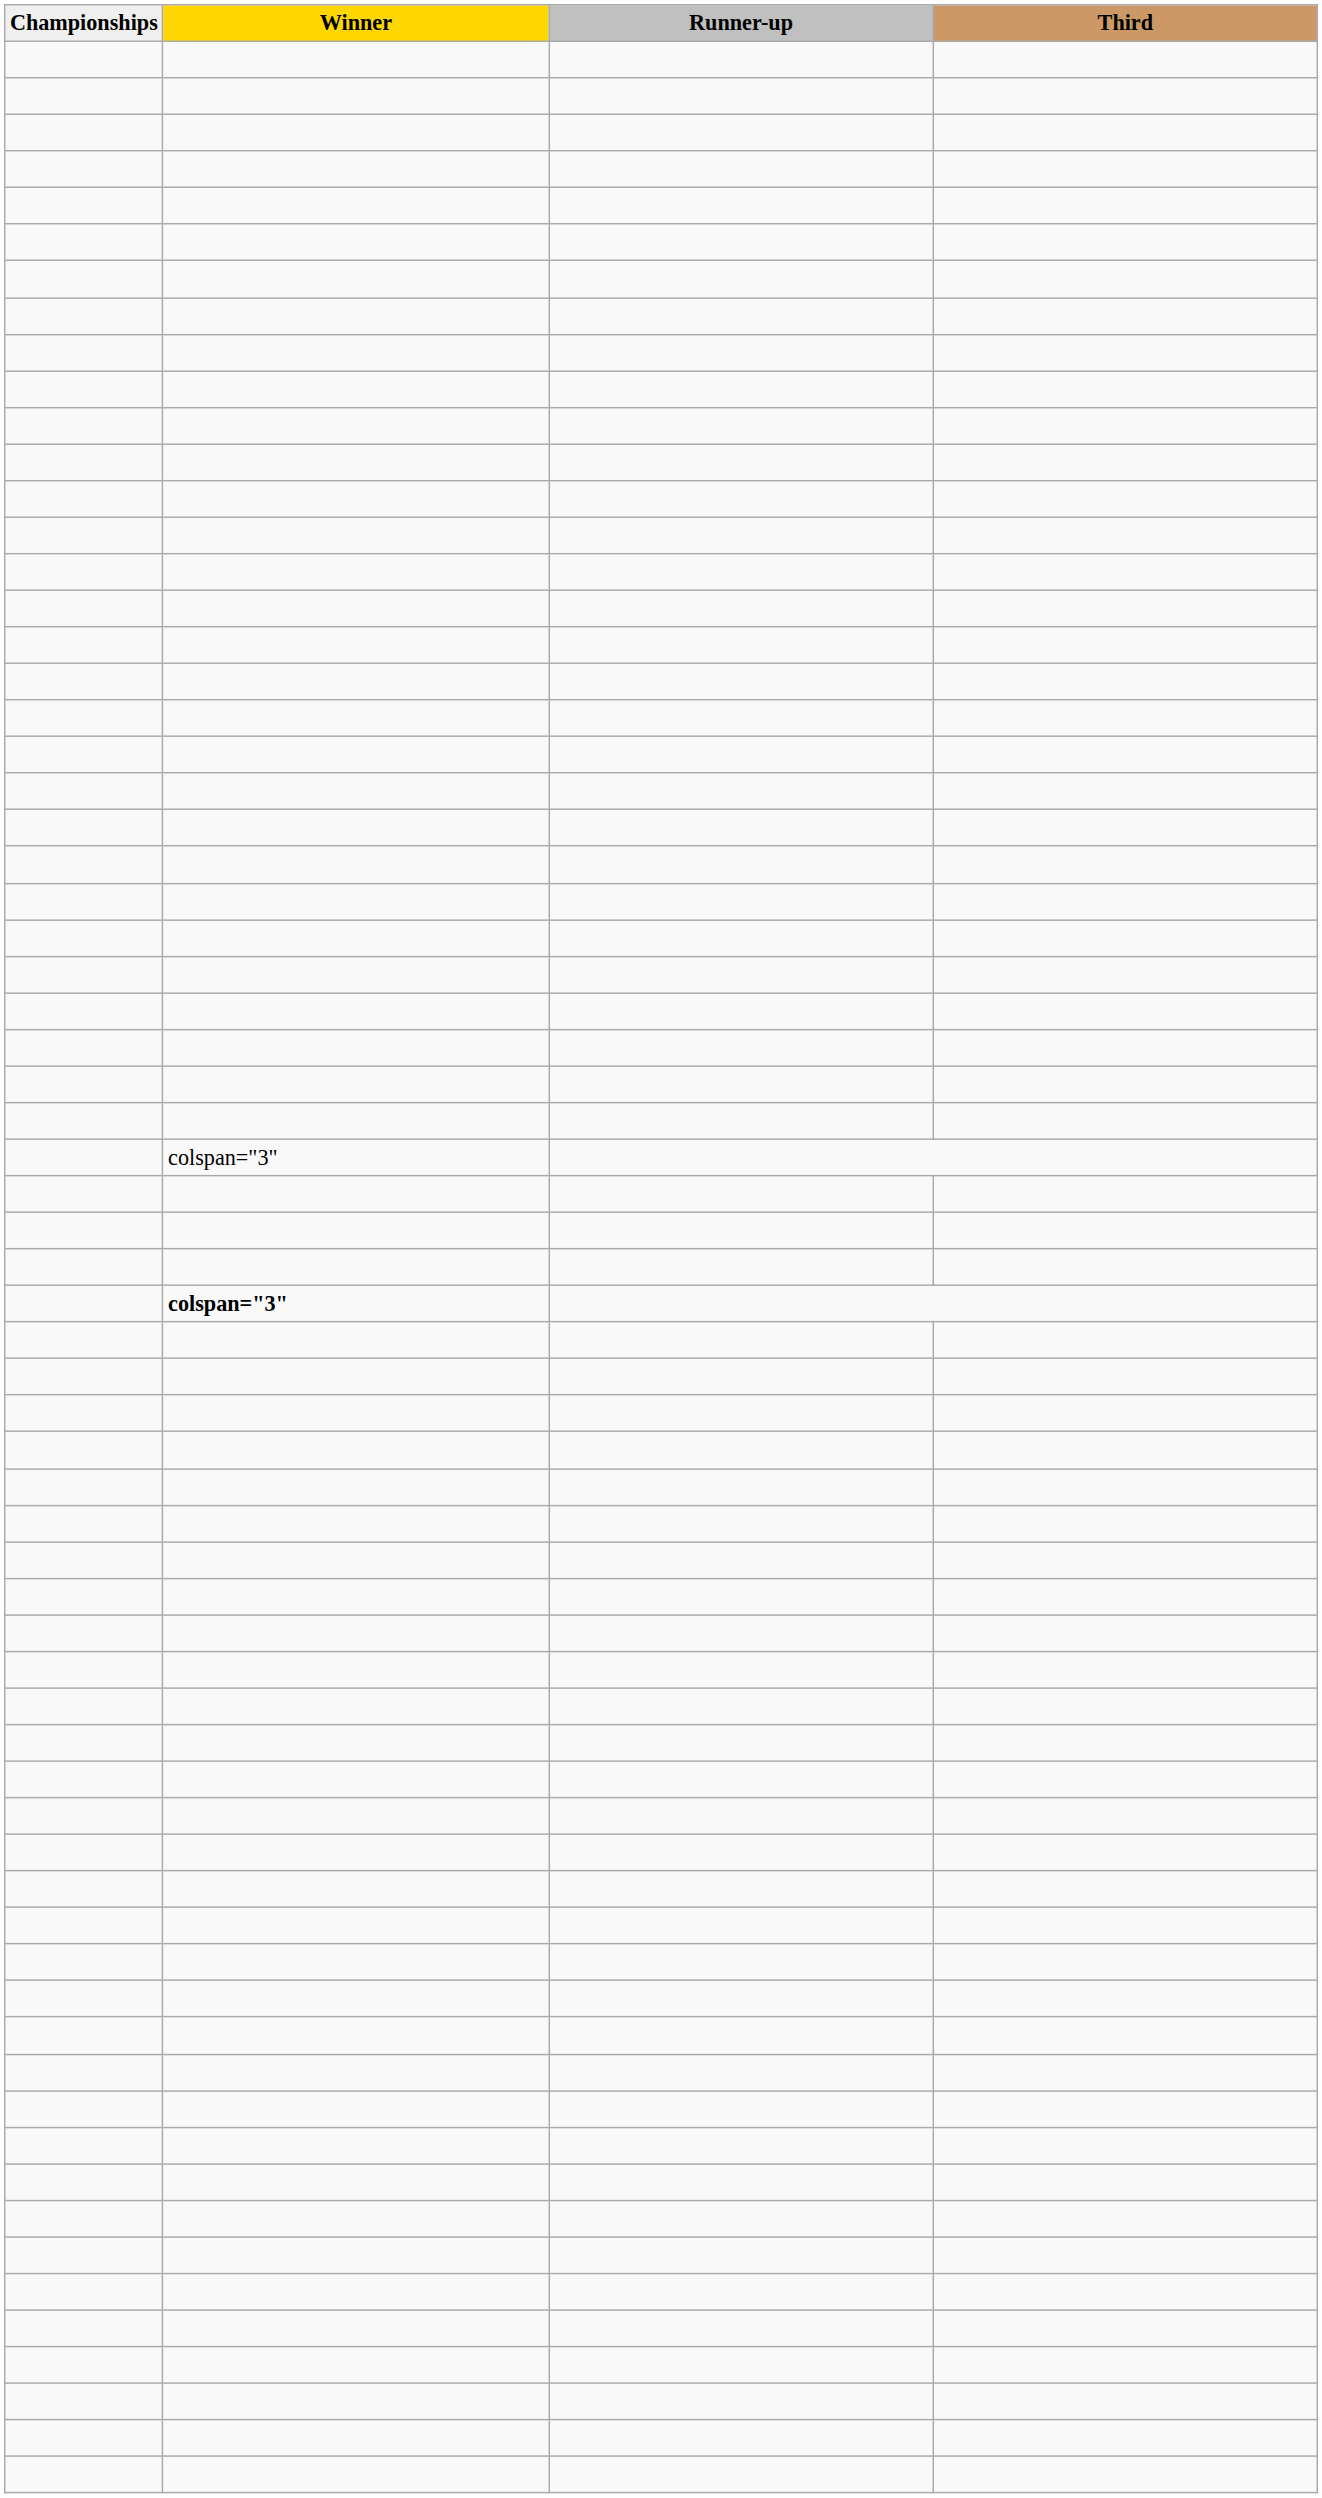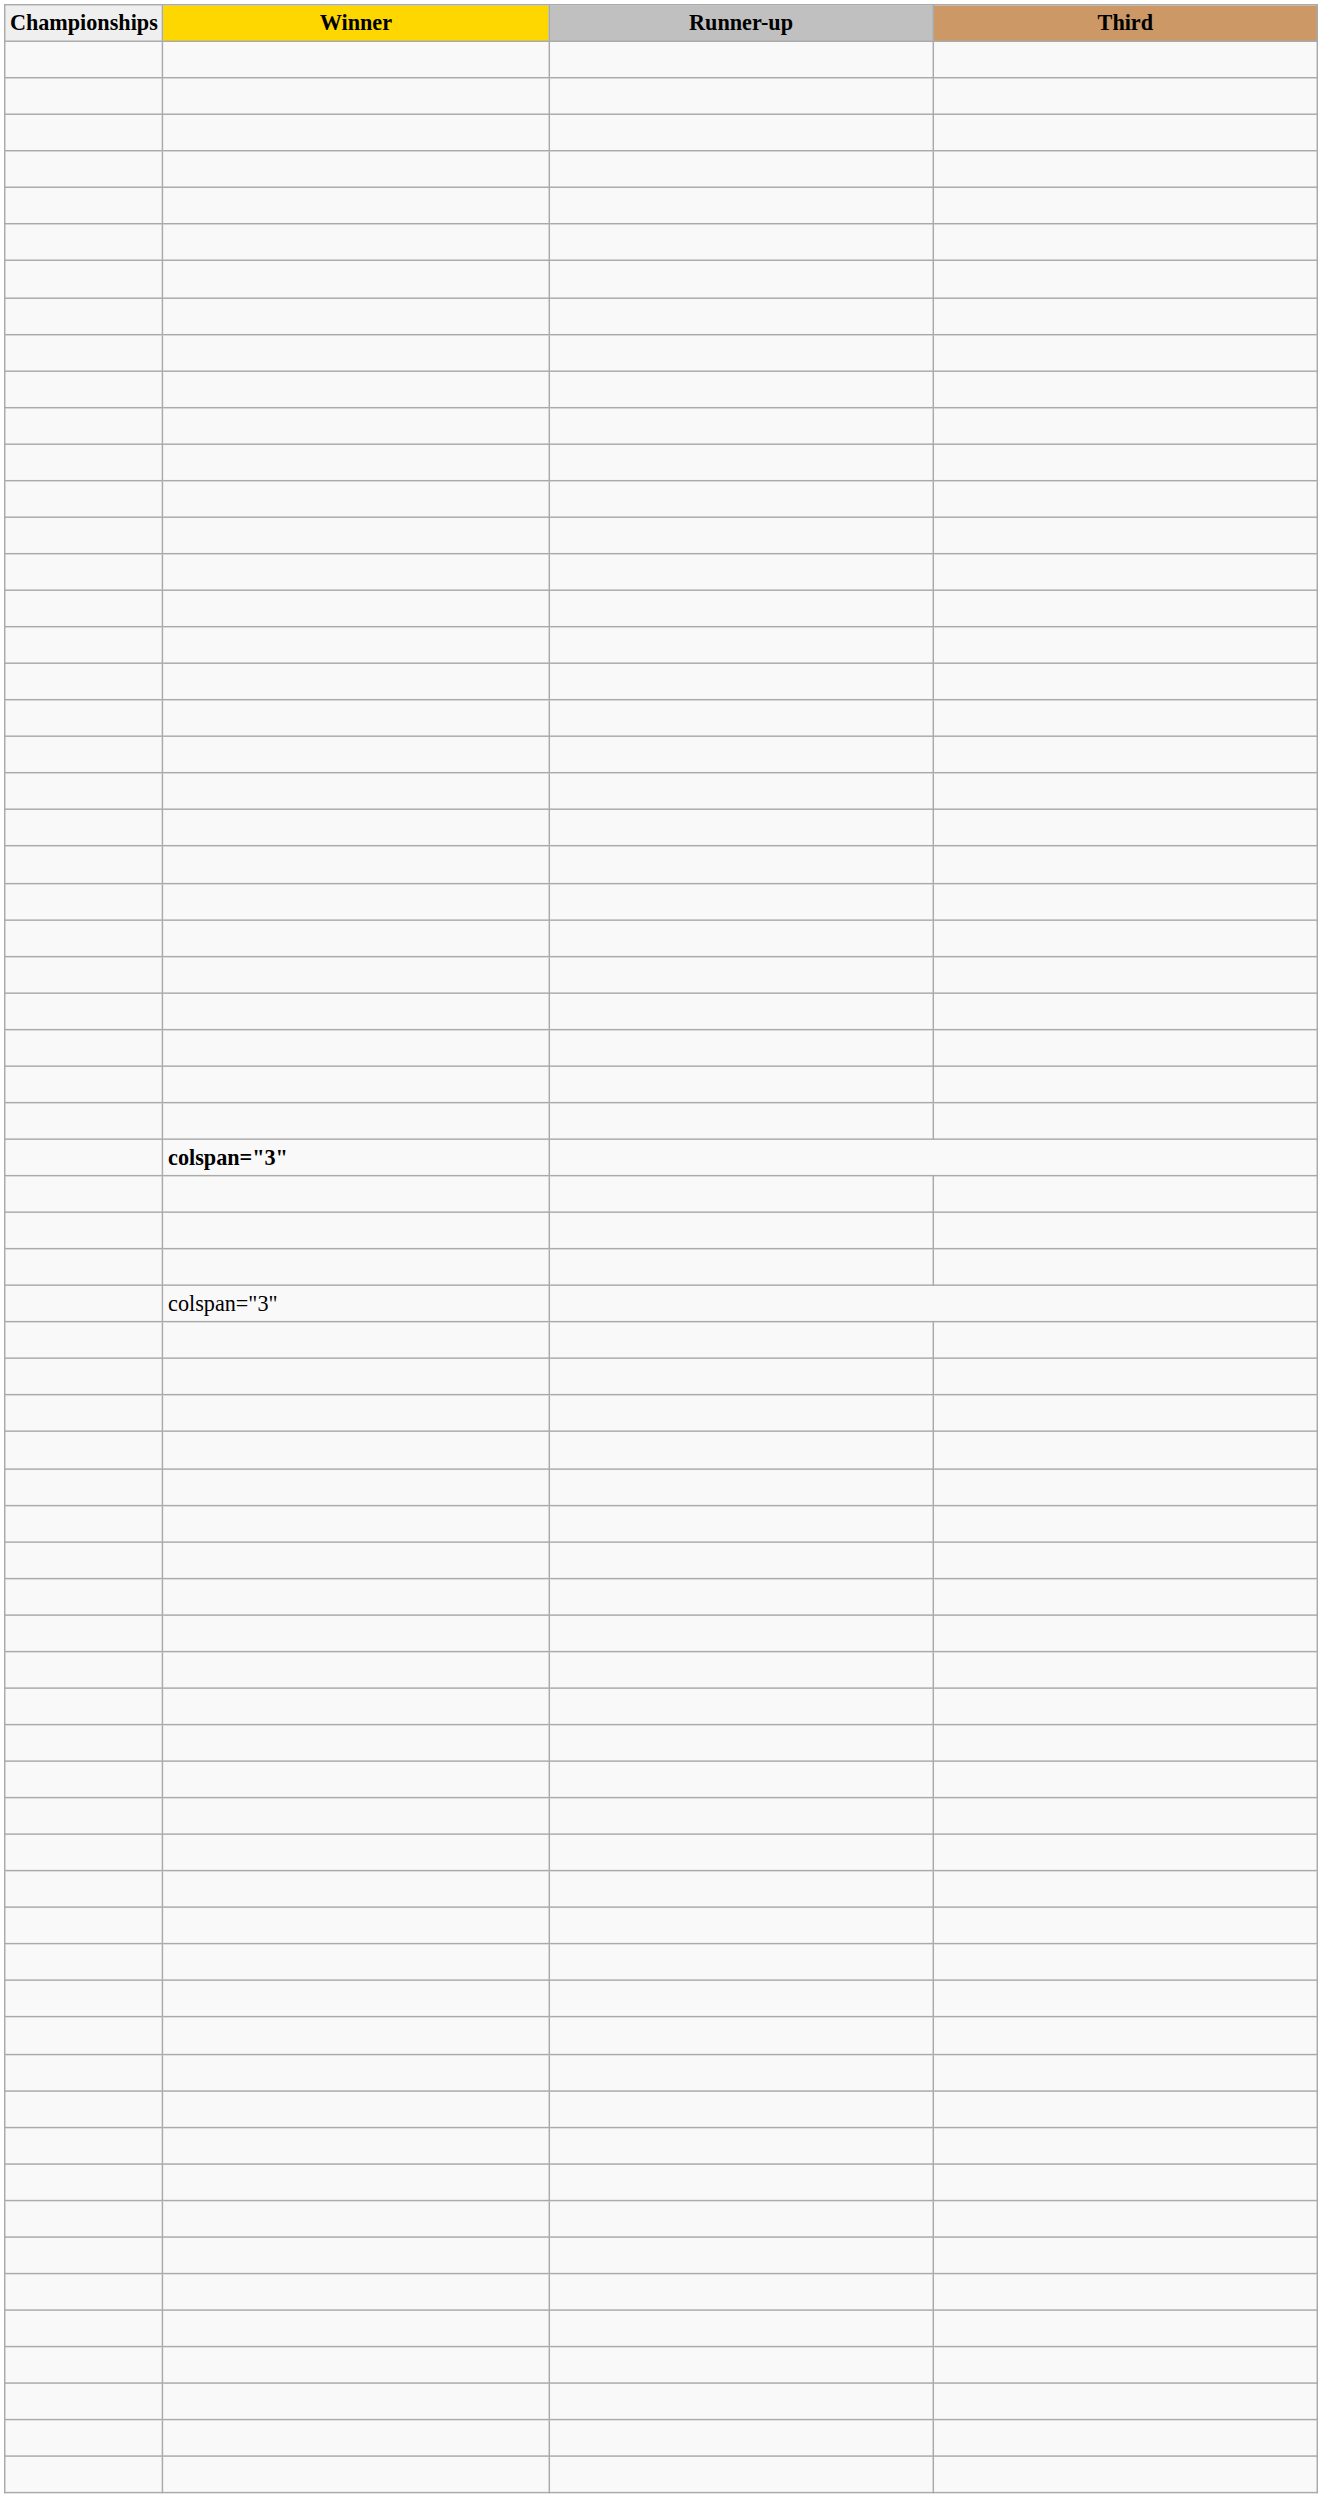 <table class="wikitable sortable" style="width:900px;font-size: 95% ">
 <tr>
 <th style="width:10%; background:#efefef;">Championships</th>
 <th style="width:30%; background:gold">Winner</th>
 <th style="width:30%; background:silver">Runner-up</th>
 <th style="width:30%; background:#CC9966">Third</th>
 </tr>
 <tr>
 <td><br></td>
 <td></td>
 <td></td>
 <td></td>
 </tr>
 <tr>
 <td><br></td>
 <td></td>
 <td></td>
 <td></td>
 </tr>
 <tr>
 <td><br></td>
 <td></td>
 <td></td>
 <td></td>
 </tr>
 <tr>
 <td><br></td>
 <td></td>
 <td></td>
 <td></td>
 </tr>
 <tr>
 <td><br></td>
 <td></td>
 <td></td>
 <td></td>
 </tr>
 <tr>
 <td><br></td>
 <td></td>
 <td></td>
 <td></td>
 </tr>
 <tr>
 <td><br></td>
 <td></td>
 <td></td>
 <td></td>
 </tr>
 <tr>
 <td><br></td>
 <td></td>
 <td></td>
 <td></td>
 </tr>
 <tr>
 <td><br></td>
 <td></td>
 <td></td>
 <td></td>
 </tr>
 <tr>
 <td><br></td>
 <td></td>
 <td></td>
 <td></td>
 </tr>
 <tr>
 <td><br></td>
 <td></td>
 <td></td>
 <td></td>
 </tr>
 <tr>
 <td><br></td>
 <td></td>
 <td></td>
 <td></td>
 </tr>
 <tr>
 <td><br></td>
 <td></td>
 <td></td>
 <td></td>
 </tr>
 <tr>
 <td><br></td>
 <td></td>
 <td></td>
 <td></td>
 </tr>
 <tr>
 <td><br></td>
 <td></td>
 <td></td>
 <td></td>
 </tr>
 <tr>
 <td><br></td>
 <td></td>
 <td></td>
 <td></td>
 </tr>
 <tr>
 <td><br></td>
 <td></td>
 <td></td>
 <td></td>
 </tr>
 <tr>
 <td><br></td>
 <td></td>
 <td></td>
 <td></td>
 </tr>
 <tr>
 <td><br></td>
 <td></td>
 <td></td>
 <td></td>
 </tr>
 <tr>
 <td><br></td>
 <td></td>
 <td></td>
 <td></td>
 </tr>
 <tr>
 <td><br></td>
 <td></td>
 <td></td>
 <td></td>
 </tr>
 <tr>
 <td><br></td>
 <td></td>
 <td></td>
 <td></td>
 </tr>
 <tr>
 <td><br></td>
 <td></td>
 <td></td>
 <td></td>
 </tr>
 <tr>
 <td><br></td>
 <td></td>
 <td></td>
 <td></td>
 </tr>
 <tr>
 <td><br></td>
 <td></td>
 <td></td>
 <td></td>
 </tr>
 <tr>
 <td><br></td>
 <td></td>
 <td></td>
 <td></td>
 </tr>
 <tr>
 <td><br></td>
 <td></td>
 <td></td>
 <td></td>
 </tr>
 <tr>
 <td><br></td>
 <td></td>
 <td></td>
 <td></td>
 </tr>
 <tr>
 <td><br></td>
 <td></td>
 <td></td>
 <td></td>
 </tr>
 <tr>
 <td><br></td>
 <td></td>
 <td></td>
 <td></td>
 </tr>
 <tr>
 <td><br></td>
-<td>colspan="3" </td>
+<td><strong>colspan="3" </strong></td>
 </tr>
 <tr>
 <td><br></td>
 <td></td>
 <td></td>
 <td></td>
 </tr>
 <tr>
 <td><br></td>
 <td></td>
 <td></td>
 <td></td>
 </tr>
 <tr>
 <td><br></td>
 <td></td>
 <td></td>
 <td></td>
 </tr>
 <tr>
 <td><br></td>
-<td><strong>colspan="3" </strong></td>
+<td>colspan="3" </td>
 </tr>
 <tr>
 <td><br></td>
 <td></td>
 <td></td>
 <td></td>
 </tr>
 <tr>
 <td><br></td>
 <td></td>
 <td></td>
 <td></td>
 </tr>
 <tr>
 <td><br></td>
 <td></td>
 <td></td>
 <td></td>
 </tr>
 <tr>
 <td><br></td>
 <td></td>
 <td></td>
 <td></td>
 </tr>
 <tr>
 <td><br></td>
 <td></td>
 <td></td>
 <td></td>
 </tr>
 <tr>
 <td><br></td>
 <td></td>
 <td></td>
 <td></td>
 </tr>
 <tr>
 <td><br></td>
 <td></td>
 <td></td>
 <td></td>
 </tr>
 <tr>
 <td><br></td>
 <td></td>
 <td></td>
 <td></td>
 </tr>
 <tr>
 <td><br></td>
 <td></td>
 <td></td>
 <td></td>
 </tr>
 <tr>
 <td><br></td>
 <td></td>
 <td></td>
 <td></td>
 </tr>
 <tr>
 <td><br></td>
 <td></td>
 <td></td>
 <td></td>
 </tr>
 <tr>
 <td><br></td>
 <td></td>
 <td></td>
 <td></td>
 </tr>
 <tr>
 <td><br></td>
 <td></td>
 <td></td>
 <td></td>
 </tr>
 <tr>
 <td><br></td>
 <td></td>
 <td></td>
 <td></td>
 </tr>
 <tr>
 <td><br></td>
 <td></td>
 <td></td>
 <td></td>
 </tr>
 <tr>
 <td><br></td>
 <td></td>
 <td></td>
 <td></td>
 </tr>
 <tr>
 <td><br></td>
 <td></td>
 <td></td>
 <td></td>
 </tr>
 <tr>
 <td><br></td>
 <td></td>
 <td></td>
 <td></td>
 </tr>
 <tr>
 <td><br></td>
 <td></td>
 <td></td>
 <td></td>
 </tr>
 <tr>
 <td><br></td>
 <td></td>
 <td></td>
 <td></td>
 </tr>
 <tr>
 <td><br></td>
 <td></td>
 <td></td>
 <td></td>
 </tr>
 <tr>
 <td><br></td>
 <td></td>
 <td></td>
 <td></td>
 </tr>
 <tr>
 <td><br></td>
 <td></td>
 <td></td>
 <td></td>
 </tr>
 <tr>
 <td><br></td>
 <td></td>
 <td></td>
 <td></td>
 </tr>
 <tr>
 <td><br></td>
 <td></td>
 <td></td>
 <td></td>
 </tr>
 <tr>
 <td><br></td>
 <td></td>
 <td></td>
 <td></td>
 </tr>
 <tr>
 <td><br></td>
 <td></td>
 <td></td>
 <td></td>
 </tr>
 <tr>
 <td><br></td>
 <td></td>
 <td></td>
 <td></td>
 </tr>
 <tr>
 <td><br></td>
 <td></td>
 <td></td>
 <td></td>
 </tr>
 <tr>
 <td><br></td>
 <td></td>
 <td></td>
 <td></td>
 </tr>
 <tr>
 <td><br></td>
 <td></td>
 <td></td>
 <td></td>
 </tr>
 <tr>
 <td><br></td>
 <td></td>
 <td></td>
 <td></td>
 </tr>
 </table>
